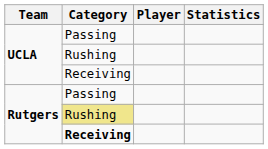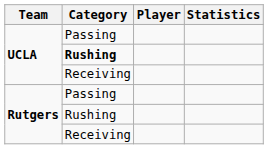 <table class="wikitable" style="float: right;">
 <tr>
 <th>Team</th>
 <th>Category</th>
 <th>Player</th>
 <th>Statistics</th>
 </tr>
 <tr>
 <td rowspan=3><strong>UCLA</strong></td>
 <td>Passing</td>
 <td></td>
 <td></td>
 </tr>
 <tr>
-<td>Rushing</td>
+<td><strong>Rushing</strong></td>
 <td></td>
 <td></td>
 </tr>
 <tr>
 <td>Receiving</td>
 <td></td>
 <td></td>
 </tr>
 <tr>
 <td rowspan=3><strong>Rutgers</strong></td>
 <td>Passing</td>
 <td></td>
 <td></td>
 </tr>
 <tr>
-<td style="background: khaki;">Rushing</td>
+<td>Rushing</td>
 <td></td>
 <td></td>
 </tr>
 <tr>
-<td><strong>Receiving</strong></td>
+<td>Receiving</td>
 <td></td>
 <td></td>
 </tr>
 </table>
